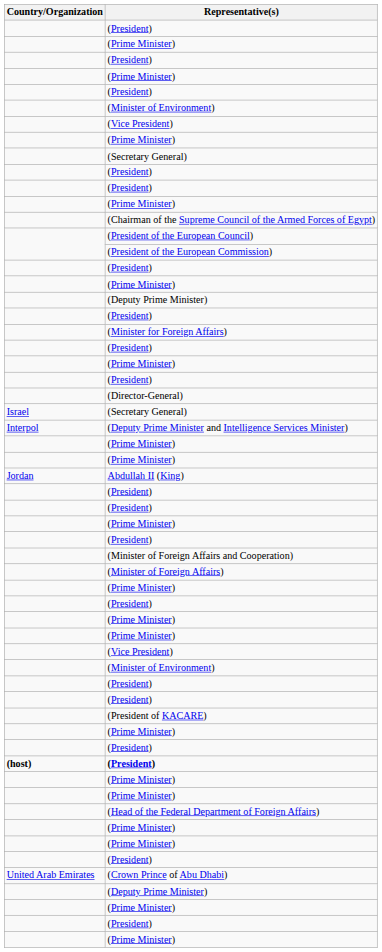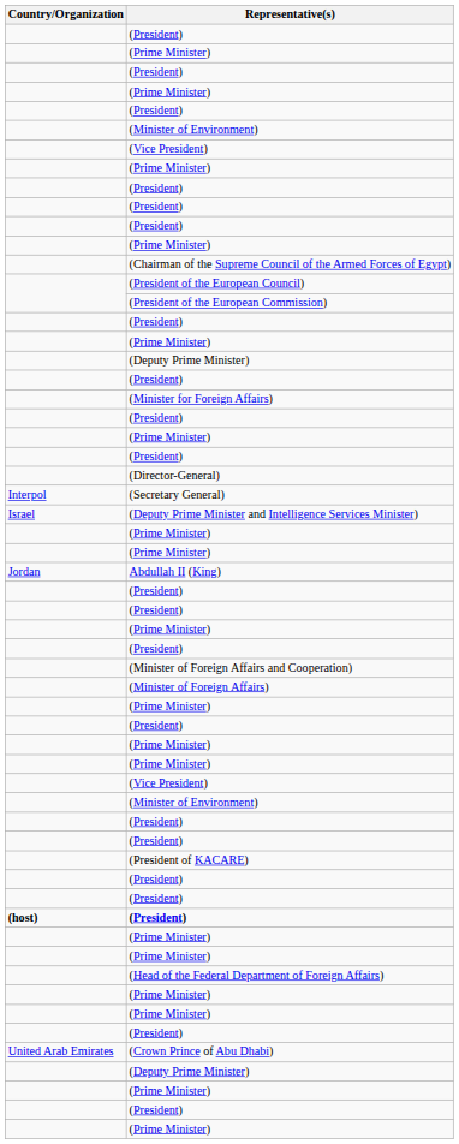 <table class="wikitable sortable">
 <tr>
 <th>Country/Organization</th>
 <th>Representative(s)</th>
 </tr>
 <tr>
 <td></td>
 <td> (<a href='#'>President</a>)</td>
 </tr>
 <tr>
 <td></td>
 <td> (<a href='#'>Prime Minister</a>)</td>
 </tr>
 <tr>
 <td></td>
 <td> (<a href='#'>President</a>)</td>
 </tr>
 <tr>
 <td></td>
 <td> (<a href='#'>Prime Minister</a>)</td>
 </tr>
 <tr>
 <td></td>
 <td> (<a href='#'>President</a>)</td>
 </tr>
 <tr>
 <td></td>
 <td> (<a href='#'>Minister of Environment</a>)</td>
 </tr>
 <tr>
 <td></td>
 <td> (<a href='#'>Vice President</a>)</td>
 </tr>
 <tr>
 <td></td>
 <td> (<a href='#'>Prime Minister</a>)</td>
 </tr>
 <tr>
 <td></td>
-<td> (Secretary General)</td>
+<td> (<a href='#'>President</a>)</td>
 </tr>
 <tr>
 <td></td>
 <td> (<a href='#'>President</a>)</td>
 </tr>
 <tr>
 <td></td>
 <td> (<a href='#'>President</a>)</td>
 </tr>
 <tr>
 <td></td>
 <td> (<a href='#'>Prime Minister</a>)</td>
 </tr>
 <tr>
 <td></td>
 <td> (Chairman of the <a href='#'>Supreme Council of the Armed Forces of Egypt</a>)</td>
 </tr>
 <tr>
 <td rowspan="2"></td>
 <td> (<a href='#'>President of the European Council</a>)</td>
 </tr>
 <tr>
 <td> (<a href='#'>President of the European Commission</a>)</td>
 </tr>
 <tr>
 <td></td>
 <td> (<a href='#'>President</a>)</td>
 </tr>
 <tr>
 <td></td>
 <td> (<a href='#'>Prime Minister</a>)</td>
 </tr>
 <tr>
 <td></td>
 <td> (Deputy Prime Minister)</td>
 </tr>
 <tr>
 <td></td>
 <td> (<a href='#'>President</a>)</td>
 </tr>
 <tr>
 <td></td>
 <td> (<a href='#'>Minister for Foreign Affairs</a>)</td>
 </tr>
 <tr>
 <td></td>
 <td> (<a href='#'>President</a>)</td>
 </tr>
 <tr>
 <td></td>
 <td> (<a href='#'>Prime Minister</a>)</td>
 </tr>
 <tr>
 <td></td>
 <td> (<a href='#'>President</a>)</td>
 </tr>
 <tr>
 <td></td>
 <td> (Director-General)</td>
 </tr>
 <tr>
-<td> <a href='#'>Israel</a></td>
+<td><a href='#'>Interpol</a></td>
 <td> (Secretary General)</td>
 </tr>
 <tr>
-<td><a href='#'>Interpol</a></td>
+<td> <a href='#'>Israel</a></td>
 <td> (<a href='#'>Deputy Prime Minister</a> and <a href='#'>Intelligence Services Minister</a>)</td>
 </tr>
 <tr>
 <td></td>
 <td> (<a href='#'>Prime Minister</a>)</td>
 </tr>
 <tr>
 <td></td>
 <td> (<a href='#'>Prime Minister</a>)</td>
 </tr>
 <tr>
 <td> <a href='#'>Jordan</a></td>
 <td><a href='#'>Abdullah II</a> (<a href='#'>King</a>)</td>
 </tr>
 <tr>
 <td></td>
 <td> (<a href='#'>President</a>)</td>
 </tr>
 <tr>
 <td></td>
 <td> (<a href='#'>President</a>)</td>
 </tr>
 <tr>
 <td></td>
 <td> (<a href='#'>Prime Minister</a>)</td>
 </tr>
 <tr>
 <td></td>
 <td> (<a href='#'>President</a>)</td>
 </tr>
 <tr>
 <td></td>
 <td> (Minister of Foreign Affairs and Cooperation)</td>
 </tr>
 <tr>
 <td></td>
 <td> (<a href='#'>Minister of Foreign Affairs</a>)</td>
 </tr>
 <tr>
 <td></td>
 <td> (<a href='#'>Prime Minister</a>)</td>
 </tr>
 <tr>
 <td></td>
 <td> (<a href='#'>President</a>)</td>
 </tr>
 <tr>
 <td></td>
 <td> (<a href='#'>Prime Minister</a>)</td>
 </tr>
 <tr>
 <td></td>
 <td> (<a href='#'>Prime Minister</a>)</td>
 </tr>
 <tr>
 <td></td>
 <td> (<a href='#'>Vice President</a>)</td>
 </tr>
 <tr>
 <td></td>
 <td> (<a href='#'>Minister of Environment</a>)</td>
 </tr>
 <tr>
 <td></td>
 <td> (<a href='#'>President</a>)</td>
 </tr>
 <tr>
 <td></td>
 <td> (<a href='#'>President</a>)</td>
 </tr>
 <tr>
 <td></td>
 <td> (President of <a href='#'>KACARE</a>)</td>
 </tr>
 <tr>
 <td></td>
-<td> (<a href='#'>Prime Minister</a>)</td>
+<td> (<a href='#'>President</a>)</td>
 </tr>
 <tr>
 <td></td>
 <td> (<a href='#'>President</a>)</td>
 </tr>
 <tr>
 <td><strong> (host)</strong></td>
 <td><strong> (<a href='#'>President</a>)</strong></td>
 </tr>
 <tr>
 <td></td>
 <td> (<a href='#'>Prime Minister</a>)</td>
 </tr>
 <tr>
 <td></td>
 <td> (<a href='#'>Prime Minister</a>)</td>
 </tr>
 <tr>
 <td></td>
 <td> (<a href='#'>Head of the Federal Department of Foreign Affairs</a>)</td>
 </tr>
 <tr>
 <td></td>
 <td> (<a href='#'>Prime Minister</a>)</td>
 </tr>
 <tr>
 <td></td>
 <td> (<a href='#'>Prime Minister</a>)</td>
 </tr>
 <tr>
 <td></td>
 <td> (<a href='#'>President</a>)</td>
 </tr>
 <tr>
 <td> <a href='#'>United Arab Emirates</a></td>
 <td> (<a href='#'>Crown Prince</a> of <a href='#'>Abu Dhabi</a>)</td>
 </tr>
 <tr>
 <td></td>
 <td> (<a href='#'>Deputy Prime Minister</a>)</td>
 </tr>
 <tr>
 <td></td>
 <td> (<a href='#'>Prime Minister</a>)</td>
 </tr>
 <tr>
 <td></td>
 <td> (<a href='#'>President</a>)</td>
 </tr>
 <tr>
 <td></td>
 <td> (<a href='#'>Prime Minister</a>)</td>
 </tr>
 </table>
